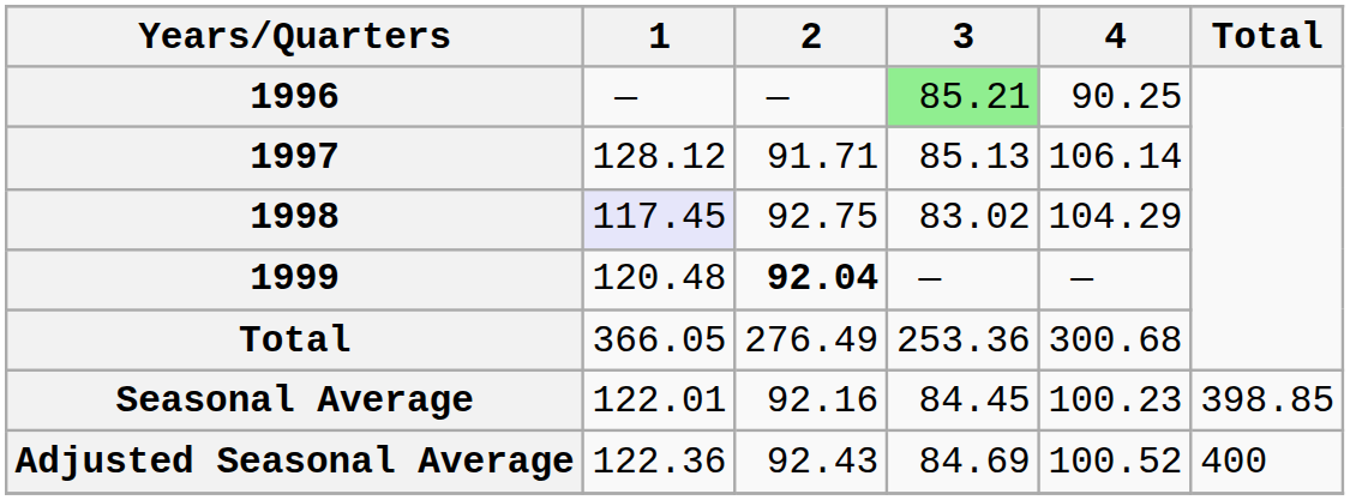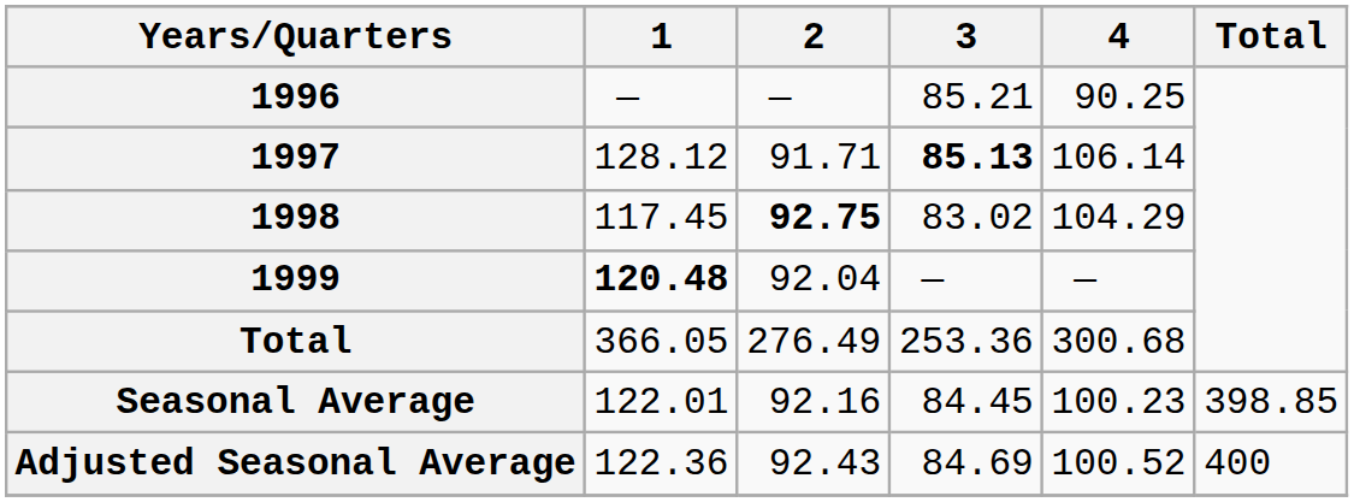 <table class="wikitable" border="0">
 <tr>
 </tr>
 <tr>
 <th>Years/Quarters</th>
 <th>1</th>
 <th>2</th>
 <th>3</th>
 <th>4</th>
 <th>Total</th>
 </tr>
 <tr>
 <th>1996</th>
 <td> —</td>
 <td> —</td>
-<td style="background: lightgreen;"> 85.21</td>
+<td> 85.21</td>
 <td> 90.25</td>
 <td rowspan="5"></td>
 </tr>
 <tr>
 <th>1997</th>
 <td>128.12</td>
 <td> 91.71</td>
-<td> 85.13</td>
+<td><strong> 85.13</strong></td>
 <td>106.14</td>
 </tr>
 <tr>
 <th>1998</th>
-<td style="background: lavender;">117.45</td>
-<td> 92.75</td>
+<td>117.45</td>
+<td><strong> 92.75</strong></td>
 <td> 83.02</td>
 <td>104.29</td>
 </tr>
 <tr>
 <th>1999</th>
-<td>120.48</td>
-<td><strong> 92.04</strong></td>
+<td><strong>120.48</strong></td>
+<td> 92.04</td>
 <td> —</td>
 <td> —</td>
 </tr>
 <tr>
 <th>Total</th>
 <td>366.05</td>
 <td>276.49</td>
 <td>253.36</td>
 <td>300.68</td>
 </tr>
 <tr>
 <th>Seasonal Average</th>
 <td>122.01</td>
 <td> 92.16</td>
 <td> 84.45</td>
 <td>100.23</td>
 <td>398.85</td>
 </tr>
 <tr>
 <th>Adjusted Seasonal Average</th>
 <td>122.36</td>
 <td> 92.43</td>
 <td> 84.69</td>
 <td>100.52</td>
 <td>400</td>
 </tr>
 <tr>
 </tr>
 </table>
